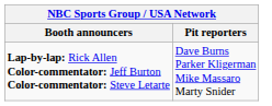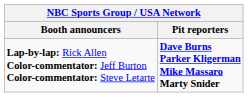 <table class="wikitable" style="font-size: 95%;">
 <tr>
 <th colspan="2"><a href='#'>NBC Sports Group / USA Network</a></th>
 </tr>
 <tr>
 <th>Booth announcers</th>
 <th>Pit reporters</th>
 </tr>
 <tr>
 <td><strong>Lap-by-lap:</strong> <a href='#'>Rick Allen</a><br><strong>Color-commentator:</strong> <a href='#'>Jeff Burton</a><br><strong>Color-commentator:</strong> <a href='#'>Steve Letarte</a></td>
-<td><a href='#'>Dave Burns</a><br><a href='#'>Parker Kligerman</a><br><a href='#'>Mike Massaro</a><br>Marty Snider</td>
+<td><strong><a href='#'>Dave Burns</a><br><a href='#'>Parker Kligerman</a><br><a href='#'>Mike Massaro</a><br>Marty Snider</strong></td>
 </tr>
 </table>
